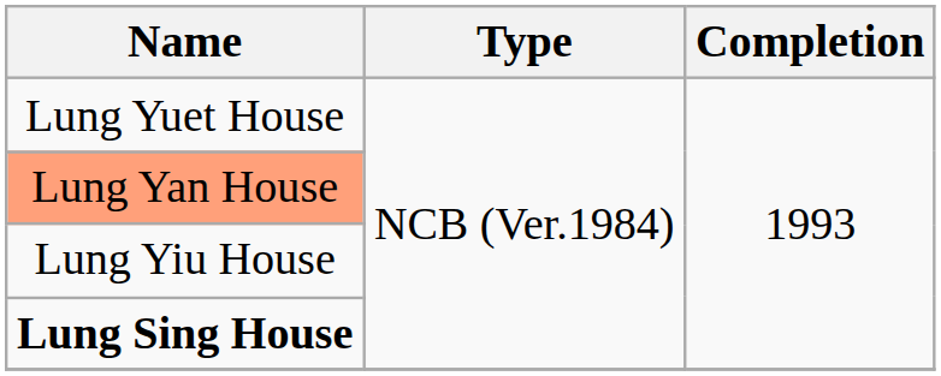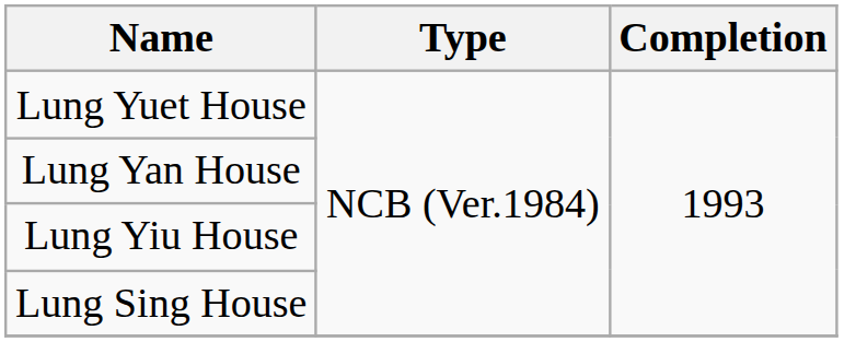 <table class="wikitable" style="text-align: center">
 <tr>
 <th>Name</th>
 <th>Type</th>
 <th>Completion</th>
 </tr>
 <tr>
 <td>Lung Yuet House</td>
 <td rowspan="4">NCB (Ver.1984)</td>
 <td rowspan="4">1993</td>
 </tr>
 <tr>
-<td style="background: lightsalmon;">Lung Yan House</td>
+<td>Lung Yan House</td>
 </tr>
 <tr>
 <td>Lung Yiu House</td>
 </tr>
 <tr>
-<td><strong>Lung Sing House</strong></td>
+<td>Lung Sing House</td>
 </tr>
 <tr>
 </tr>
 </table>
